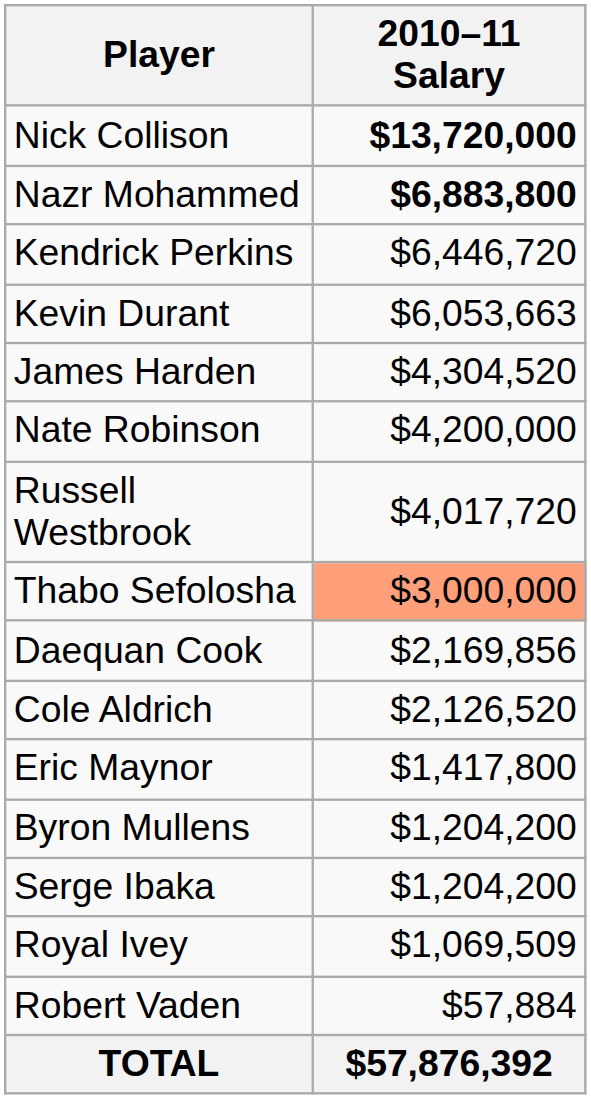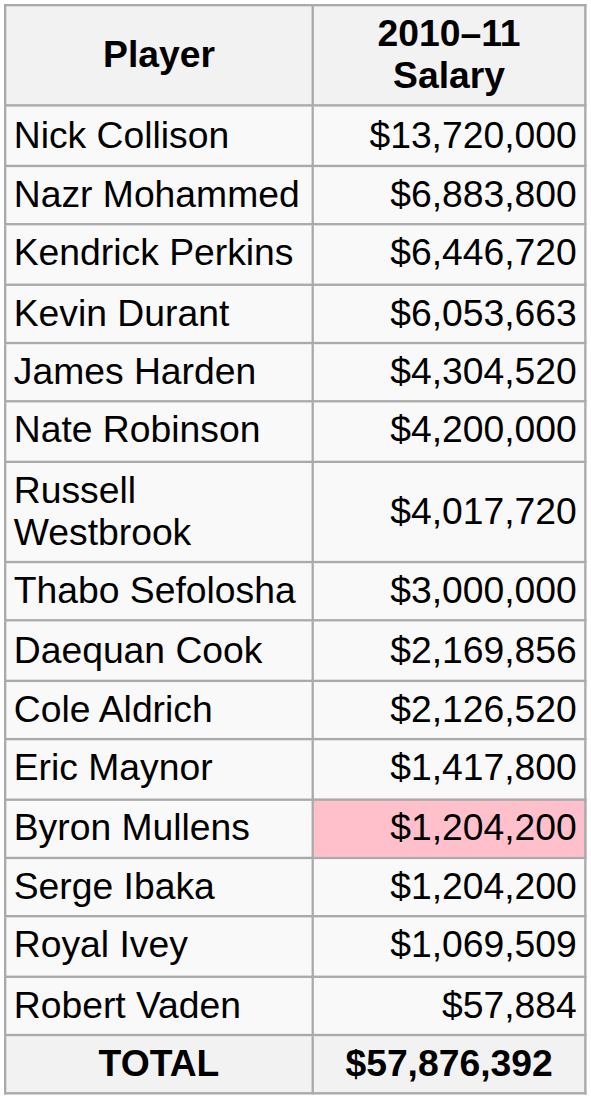 <table width=250 px; class="wikitable sortable sortable">
 <tr>
 <th>Player</th>
 <th>2010–11 Salary</th>
 </tr>
 <tr>
 <td>Nick Collison</td>
-<td align="right"><strong>$13,720,000</strong></td>
+<td align="right">$13,720,000</td>
 </tr>
 <tr>
 <td>Nazr Mohammed</td>
-<td align="right"><strong>$6,883,800</strong></td>
+<td align="right">$6,883,800</td>
 </tr>
 <tr>
 <td>Kendrick Perkins</td>
 <td align="right">$6,446,720</td>
 </tr>
 <tr>
 <td>Kevin Durant</td>
 <td align="right">$6,053,663</td>
 </tr>
 <tr>
 <td>James Harden</td>
 <td align="right">$4,304,520</td>
 </tr>
 <tr>
 <td>Nate Robinson</td>
 <td align="right">$4,200,000</td>
 </tr>
 <tr>
 <td>Russell Westbrook</td>
 <td align="right">$4,017,720</td>
 </tr>
 <tr>
 <td>Thabo Sefolosha</td>
-<td align="right" style="background: lightsalmon;">$3,000,000</td>
+<td align="right">$3,000,000</td>
 </tr>
 <tr>
 <td>Daequan Cook</td>
 <td align="right">$2,169,856</td>
 </tr>
 <tr>
 <td>Cole Aldrich</td>
 <td align="right">$2,126,520</td>
 </tr>
 <tr>
 <td>Eric Maynor</td>
 <td align="right">$1,417,800</td>
 </tr>
 <tr>
 <td>Byron Mullens</td>
-<td align="right">$1,204,200</td>
+<td align="right" style="background: pink;">$1,204,200</td>
 </tr>
 <tr>
 <td>Serge Ibaka</td>
 <td align="right">$1,204,200</td>
 </tr>
 <tr>
 <td>Royal Ivey</td>
 <td align="right">$1,069,509</td>
 </tr>
 <tr>
 <td>Robert Vaden</td>
 <td align="right">$57,884</td>
 </tr>
 <tr class="sortbottom">
 <th><strong>TOTAL</strong></th>
 <th><strong>$57,876,392</strong></th>
 </tr>
 </table>
